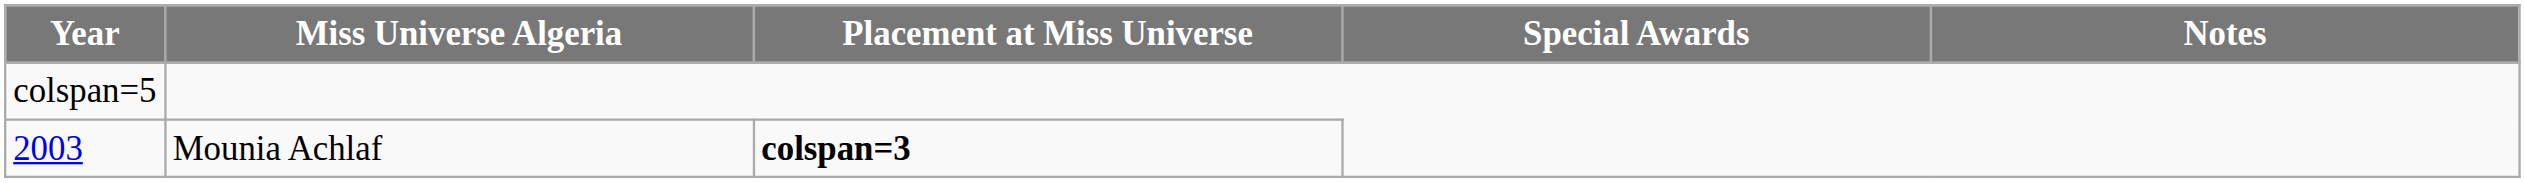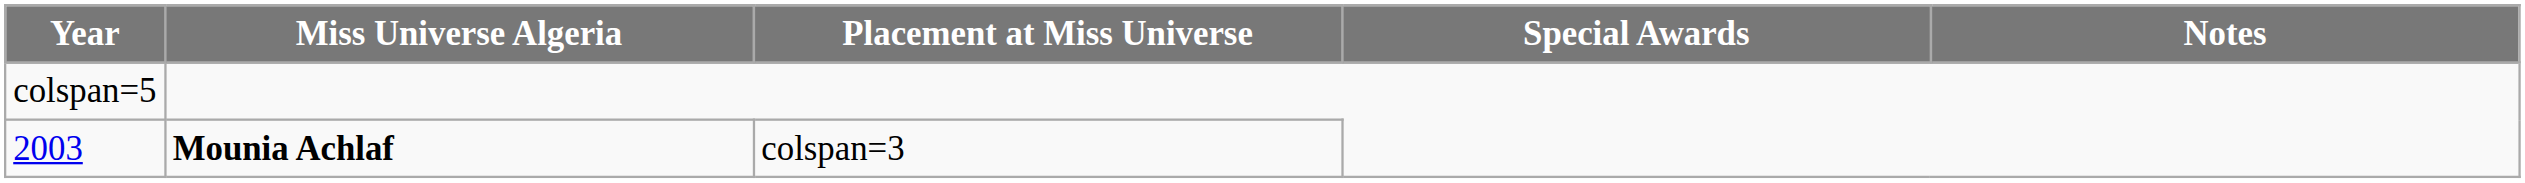 <table class="wikitable " style="font-size: 95%;">
 <tr>
 <th width="60" style="background-color:#787878;color:#FFFFFF;">Year</th>
 <th width="250" style="background-color:#787878;color:#FFFFFF;">Miss Universe Algeria</th>
 <th width="250" style="background-color:#787878;color:#FFFFFF;">Placement at Miss Universe</th>
 <th width="250" style="background-color:#787878;color:#FFFFFF;">Special Awards</th>
 <th width="250" style="background-color:#787878;color:#FFFFFF;">Notes</th>
 </tr>
 <tr>
 <td>colspan=5 </td>
 </tr>
 <tr>
 <td><a href='#'>2003</a></td>
-<td>Mounia Achlaf</td>
-<td><strong>colspan=3 </strong></td>
+<td><strong>Mounia Achlaf</strong></td>
+<td>colspan=3 </td>
 </tr>
 </table>
